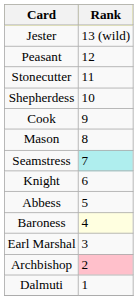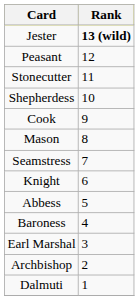 <table class="wikitable">
 <tr bgcolor="#efef">
 <th>Card</th>
 <th>Rank</th>
 </tr>
 <tr>
 <td align=center>Jester</td>
-<td>13 (wild)</td>
+<td><strong>13 (wild)</strong></td>
 </tr>
 <tr>
 <td align=center>Peasant</td>
 <td>12</td>
 </tr>
 <tr>
 <td align=center>Stonecutter</td>
 <td>11</td>
 </tr>
 <tr>
 <td align=center>Shepherdess</td>
 <td>10</td>
 </tr>
 <tr>
 <td align=center>Cook</td>
 <td>9</td>
 </tr>
 <tr>
 <td align=center>Mason</td>
 <td>8</td>
 </tr>
 <tr>
 <td align=center>Seamstress</td>
-<td style="background: paleturquoise;">7</td>
+<td>7</td>
 </tr>
 <tr>
 <td align=center>Knight</td>
 <td>6</td>
 </tr>
 <tr>
 <td align=center>Abbess</td>
 <td>5</td>
 </tr>
 <tr>
 <td align=center>Baroness</td>
-<td style="background: lightyellow;">4</td>
+<td>4</td>
 </tr>
 <tr>
 <td align=center>Earl Marshal</td>
 <td>3</td>
 </tr>
 <tr>
 <td align=center>Archbishop</td>
-<td style="background: pink;">2</td>
+<td>2</td>
 </tr>
 <tr>
 <td align=center>Dalmuti</td>
 <td>1</td>
 </tr>
 <tr>
 </tr>
 </table>
